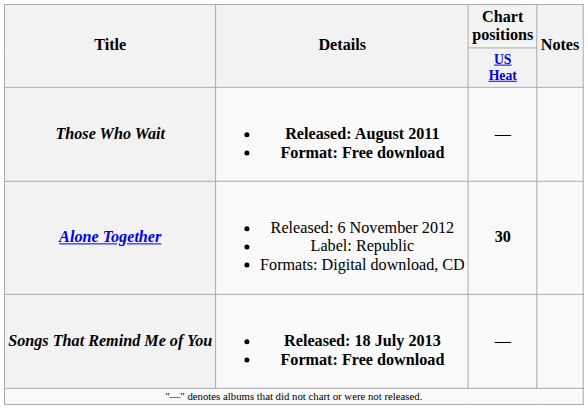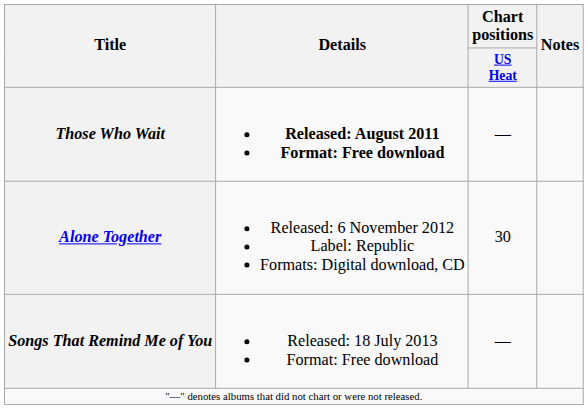 <table class="wikitable plainrowheaders" style="text-align:center;">
 <tr>
 <th scope="col" rowspan="2">Title</th>
 <th scope="col" rowspan="2">Details</th>
 <th scope="col" colspan="1">Chart positions</th>
 <th scope="col" rowspan="2">Notes</th>
 </tr>
 <tr>
 <th scope="col" style="width:3em;font-size:85%;"><a href='#'>US<br>Heat</a><br></th>
 </tr>
 <tr>
 <th scope="row"><em>Those Who Wait</em></th>
 <td><strong><br><ul><li>Released: August 2011</li><li>Format: Free download</li></ul></strong></td>
 <td>—</td>
 <td><br></td>
 </tr>
 <tr>
 <th scope="row"><em><a href='#'>Alone Together</a></em></th>
 <td><br><ul><li>Released: 6 November 2012</li><li>Label: Republic</li><li>Formats: Digital download, CD</li></ul></td>
-<td><strong>30</strong></td>
+<td>30</td>
 <td><br></td>
 </tr>
 <tr>
 <th scope="row"><em>Songs That Remind Me of You</em></th>
-<td><strong><br><ul><li>Released: 18 July 2013</li><li>Format: Free download</li></ul></strong></td>
+<td><br><ul><li>Released: 18 July 2013</li><li>Format: Free download</li></ul></td>
 <td>—</td>
 <td><br></td>
 </tr>
 <tr>
 <td align="center" colspan="13" style="font-size: 8pt">"—" denotes albums that did not chart or were not released.</td>
 </tr>
 </table>
